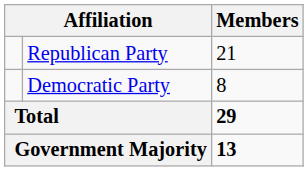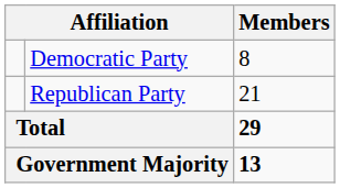 <table class="wikitable">
 <tr>
 <th colspan="2">Affiliation</th>
 <th>Members</th>
 </tr>
 <tr>
 <td style="background-color:"> </td>
-<td><a href='#'>Republican Party</a></td>
-<td>21</td>
+<td><a href='#'>Democratic Party</a></td>
+<td>8</td>
 </tr>
 <tr>
 <td style="background-color:"> </td>
-<td><a href='#'>Democratic Party</a></td>
-<td>8</td>
+<td><a href='#'>Republican Party</a></td>
+<td>21</td>
 </tr>
 <tr>
 <th colspan="2" style="text-align:left"> Total</th>
 <td><strong>29</strong></td>
 </tr>
 <tr>
 <th colspan="2" style="text-align:left"> Government Majority</th>
 <td><strong>13</strong></td>
 </tr>
 </table>
